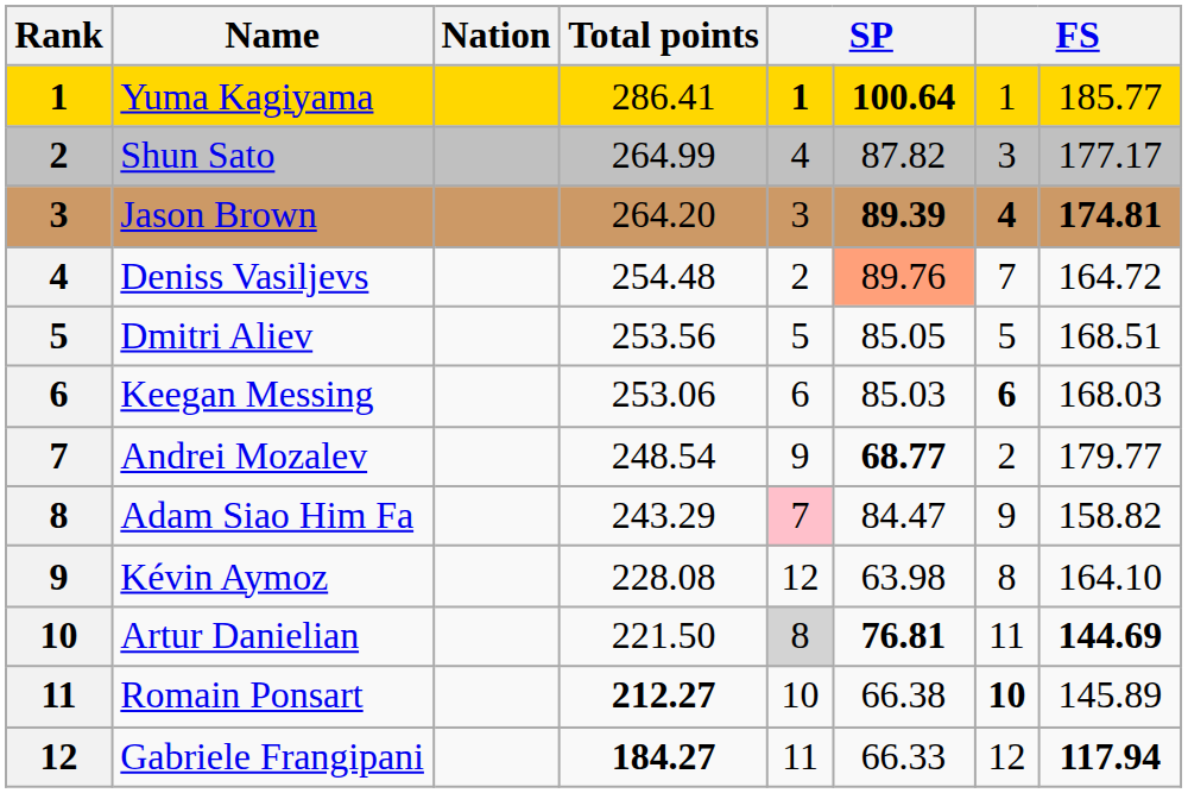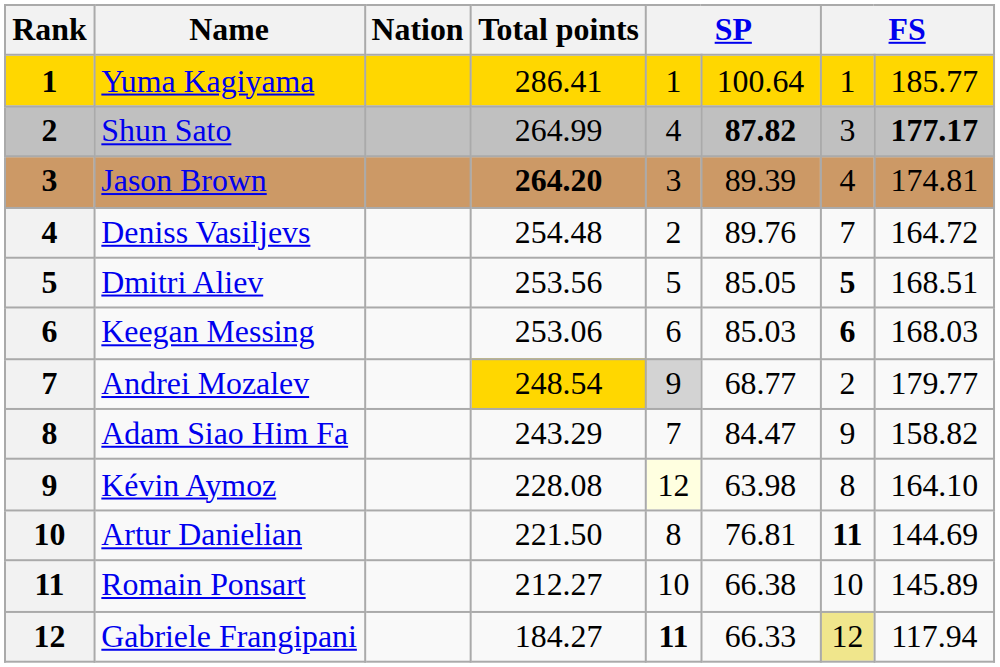 <table class="wikitable sortable">
 <tr>
 <th>Rank</th>
 <th>Name</th>
 <th>Nation</th>
 <th>Total points</th>
 <th colspan="2" width="80px"><a href='#'>SP</a></th>
 <th colspan="2" width="80px"><a href='#'>FS</a></th>
 </tr>
 <tr bgcolor="gold">
 <td align="center"><strong>1</strong></td>
 <td><a href='#'>Yuma Kagiyama</a></td>
 <td></td>
 <td align="center">286.41</td>
-<td align="center"><strong>1</strong></td>
-<td align="center"><strong>100.64</strong></td>
+<td align="center">1</td>
+<td align="center">100.64</td>
 <td align="center">1</td>
 <td align="center">185.77</td>
 </tr>
 <tr bgcolor="silver">
 <td align="center"><strong>2</strong></td>
 <td><a href='#'>Shun Sato</a></td>
 <td></td>
 <td align="center">264.99</td>
 <td align="center">4</td>
-<td align="center">87.82</td>
+<td align="center"><strong>87.82</strong></td>
 <td align="center">3</td>
-<td align="center">177.17</td>
+<td align="center"><strong>177.17</strong></td>
 </tr>
 <tr bgcolor="cc9966">
 <td align="center"><strong>3</strong></td>
 <td><a href='#'>Jason Brown</a></td>
 <td></td>
-<td align="center">264.20</td>
+<td align="center"><strong>264.20</strong></td>
 <td align="center">3</td>
-<td align="center"><strong>89.39</strong></td>
-<td align="center"><strong>4</strong></td>
-<td align="center"><strong>174.81</strong></td>
+<td align="center">89.39</td>
+<td align="center">4</td>
+<td align="center">174.81</td>
 </tr>
 <tr>
 <th>4</th>
 <td><a href='#'>Deniss Vasiljevs</a></td>
 <td></td>
 <td align="center">254.48</td>
 <td align="center">2</td>
-<td align="center" style="background: lightsalmon;">89.76</td>
+<td align="center">89.76</td>
 <td align="center">7</td>
 <td align="center">164.72</td>
 </tr>
 <tr>
 <th>5</th>
 <td><a href='#'>Dmitri Aliev</a></td>
 <td></td>
 <td align="center">253.56</td>
 <td align="center">5</td>
 <td align="center">85.05</td>
-<td align="center">5</td>
+<td align="center"><strong>5</strong></td>
 <td align="center">168.51</td>
 </tr>
 <tr>
 <th>6</th>
 <td><a href='#'>Keegan Messing</a></td>
 <td></td>
 <td align="center">253.06</td>
 <td align="center">6</td>
 <td align="center">85.03</td>
 <td align="center"><strong>6</strong></td>
 <td align="center">168.03</td>
 </tr>
 <tr>
 <th>7</th>
 <td><a href='#'>Andrei Mozalev</a></td>
 <td></td>
-<td align="center">248.54</td>
-<td align="center">9</td>
-<td align="center"><strong>68.77</strong></td>
+<td align="center" style="background: gold;">248.54</td>
+<td align="center" style="background: lightgrey;">9</td>
+<td align="center">68.77</td>
 <td align="center">2</td>
 <td align="center">179.77</td>
 </tr>
 <tr>
 <th>8</th>
 <td><a href='#'>Adam Siao Him Fa</a></td>
 <td></td>
 <td align="center">243.29</td>
-<td align="center" style="background: pink;">7</td>
+<td align="center">7</td>
 <td align="center">84.47</td>
 <td align="center">9</td>
 <td align="center">158.82</td>
 </tr>
 <tr>
 <th>9</th>
 <td><a href='#'>Kévin Aymoz</a></td>
 <td></td>
 <td align="center">228.08</td>
-<td align="center">12</td>
+<td align="center" style="background: lightyellow;">12</td>
 <td align="center">63.98</td>
 <td align="center">8</td>
 <td align="center">164.10</td>
 </tr>
 <tr>
 <th>10</th>
 <td><a href='#'>Artur Danielian</a></td>
 <td></td>
 <td align="center">221.50</td>
-<td align="center" style="background: lightgrey;">8</td>
-<td align="center"><strong>76.81</strong></td>
-<td align="center">11</td>
-<td align="center"><strong>144.69</strong></td>
+<td align="center">8</td>
+<td align="center">76.81</td>
+<td align="center"><strong>11</strong></td>
+<td align="center">144.69</td>
 </tr>
 <tr>
 <th>11</th>
 <td><a href='#'>Romain Ponsart</a></td>
 <td></td>
-<td align="center"><strong>212.27</strong></td>
+<td align="center">212.27</td>
 <td align="center">10</td>
 <td align="center">66.38</td>
-<td align="center"><strong>10</strong></td>
+<td align="center">10</td>
 <td align="center">145.89</td>
 </tr>
 <tr>
 <th>12</th>
 <td><a href='#'>Gabriele Frangipani</a></td>
 <td></td>
-<td align="center"><strong>184.27</strong></td>
-<td align="center">11</td>
+<td align="center">184.27</td>
+<td align="center"><strong>11</strong></td>
 <td align="center">66.33</td>
-<td align="center">12</td>
-<td align="center"><strong>117.94</strong></td>
+<td align="center" style="background: khaki;">12</td>
+<td align="center">117.94</td>
 </tr>
 </table>
